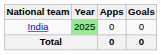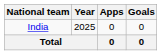 <table class="wikitable" style="text-align: center;">
 <tr>
 <th>National team</th>
 <th>Year</th>
 <th>Apps</th>
 <th>Goals</th>
 </tr>
 <tr>
 <td><a href='#'>India</a></td>
-<td style="background: lightgreen;">2025</td>
+<td>2025</td>
 <td>0</td>
 <td>0</td>
 </tr>
 <tr>
 <th colspan="2">Total</th>
 <th>0</th>
 <th>0</th>
 </tr>
 </table>
